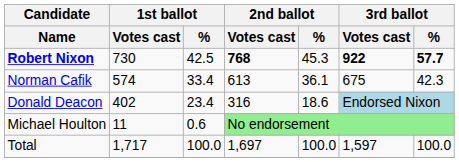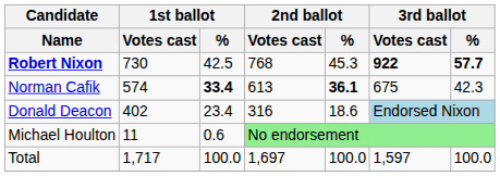 <table class="wikitable">
 <tr>
 <th colspan = "1">Candidate</th>
 <th colspan = "2">1st ballot</th>
 <th colspan = "2">2nd ballot</th>
 <th colspan = "2">3rd ballot</th>
 </tr>
 <tr>
 <th>Name</th>
 <th>Votes cast</th>
 <th>%</th>
 <th>Votes cast</th>
 <th>%</th>
 <th>Votes cast</th>
 <th>%</th>
 </tr>
 <tr>
 <td><strong><a href='#'>Robert Nixon</a></strong></td>
 <td>730</td>
 <td>42.5</td>
-<td><strong>768</strong></td>
+<td>768</td>
 <td>45.3</td>
 <td><strong>922</strong></td>
 <td><strong>57.7</strong></td>
 </tr>
 <tr>
 <td><a href='#'>Norman Cafik</a></td>
 <td>574</td>
-<td>33.4</td>
+<td><strong>33.4</strong></td>
 <td>613</td>
-<td>36.1</td>
+<td><strong>36.1</strong></td>
 <td>675</td>
 <td>42.3</td>
 </tr>
 <tr>
 <td><a href='#'>Donald Deacon</a></td>
 <td>402</td>
 <td>23.4</td>
 <td>316</td>
 <td>18.6</td>
 <td style="text-align:left;background:lightblue" colspan = "2">Endorsed Nixon</td>
 </tr>
 <tr>
 <td>Michael Houlton</td>
 <td>11</td>
 <td>0.6</td>
 <td style="text-align:left;background:lightgreen" colspan = "4">No endorsement</td>
 </tr>
 <tr>
 <td>Total</td>
 <td>1,717</td>
 <td>100.0</td>
 <td>1,697</td>
 <td>100.0</td>
 <td>1,597</td>
 <td>100.0</td>
 </tr>
 <tr>
 </tr>
 </table>
